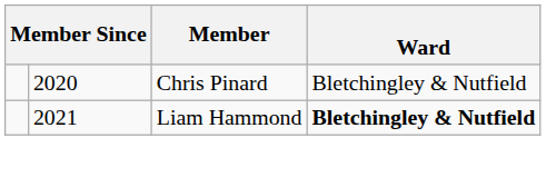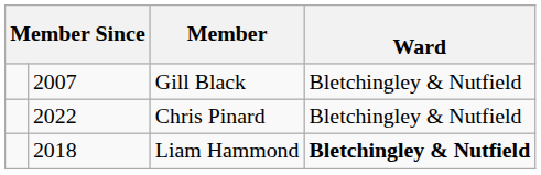 <table class="wikitable">
 <tr>
 <th colspan="2">Member Since</th>
 <th>Member</th>
 <th><br>Ward</th>
 </tr>
 <tr>
 <td style="background-color: "></td>
-<td>2020</td>
+<td>2007</td>
+<td>Gill Black</td>
+<td>Bletchingley & Nutfield</td>
+</tr>
+<tr>
+<td style="background-color: "></td>
+<td>2022</td>
 <td>Chris Pinard</td>
 <td>Bletchingley & Nutfield</td>
 </tr>
 <tr>
 <td style="background-color: "></td>
-<td>2021</td>
+<td>2018</td>
 <td>Liam Hammond</td>
 <td><strong>Bletchingley & Nutfield</strong></td>
 </tr>
 </table>
